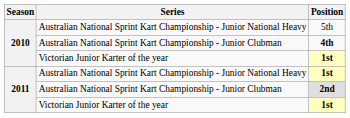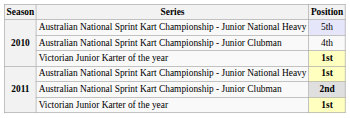 <table class="wikitable" style="font-size: 85%; text-align:center">
 <tr>
 <th>Season</th>
 <th>Series</th>
 <th>Position</th>
 </tr>
 <tr>
 <th rowspan=3>2010</th>
 <td align="left">Australian National Sprint Kart Championship - Junior National Heavy</td>
-<td>5th</td>
+<td style="background: lavender;">5th</td>
 </tr>
 <tr>
 <td align="left">Australian National Sprint Kart Championship - Junior Clubman</td>
-<td><strong>4th</strong></td>
+<td>4th</td>
 </tr>
 <tr>
 <td align="left">Victorian Junior Karter of the year</td>
 <td align="center" style="background: #ffffbf"><strong>1st</strong></td>
 </tr>
 <tr>
 <th rowspan=3>2011</th>
 <td align="left">Australian National Sprint Kart Championship - Junior National Heavy</td>
 <td align="center" style="background: #ffffbf"><strong>1st</strong></td>
 </tr>
 <tr>
 <td align="left">Australian National Sprint Kart Championship - Junior Clubman</td>
 <td align="center" style="background: #dfdfdf"><strong>2nd</strong></td>
 </tr>
 <tr>
 <td align="left">Victorian Junior Karter of the year</td>
 <td align="center" style="background: #ffffbf"><strong>1st</strong></td>
 </tr>
 </table>
